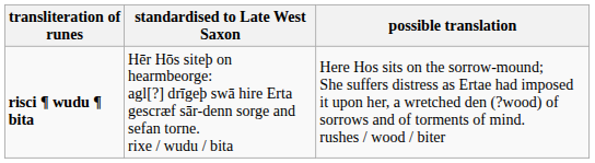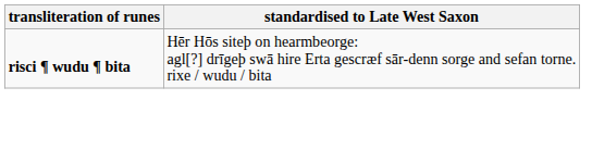 <table class="wikitable">
 <tr>
 <th>transliteration of runes</th>
 <th>standardised to Late West Saxon</th>
-<th>possible translation</th>
 </tr>
 <tr>
 <td><strong></strong><br><strong>risci ¶ wudu ¶ bita</strong></td>
 <td>Hēr Hōs siteþ     on hearmbeorge:<br>agl[?] drīgeþ    swā hire Erta gescræf sār-denn sorge    and sefan torne.<br>rixe / wudu / bita</td>
-<td>Here Hos sits on the sorrow-mound;<br>She suffers distress as Ertae had imposed it upon her, a wretched den (?wood) of sorrows and of torments of mind.<br>rushes / wood / biter</td>
 </tr>
 </table>
